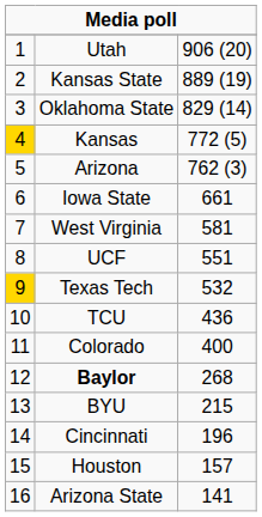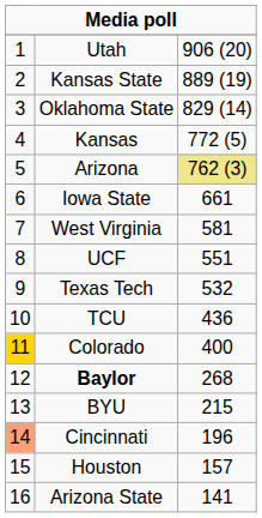 <table class="wikitable">
 <tr align="center">
 <td align="center" Colspan="3"><strong>Media poll</strong></td>
 </tr>
 <tr align="center">
 </tr>
 <tr align="center">
 <td>1</td>
 <td>Utah</td>
 <td>906 (20)</td>
 </tr>
 <tr align="center">
 <td>2</td>
 <td>Kansas State</td>
 <td>889 (19)</td>
 </tr>
 <tr align="center">
 <td>3</td>
 <td>Oklahoma State</td>
 <td>829 (14)</td>
 </tr>
 <tr align="center">
-<td style="background: gold;">4</td>
+<td>4</td>
 <td>Kansas</td>
 <td>772 (5)</td>
 </tr>
 <tr align="center">
 <td>5</td>
 <td>Arizona</td>
-<td>762 (3)</td>
+<td style="background: khaki;">762 (3)</td>
 </tr>
 <tr align="center">
 <td>6</td>
 <td>Iowa State</td>
 <td>661</td>
 </tr>
 <tr align="center">
 <td>7</td>
 <td>West Virginia</td>
 <td>581</td>
 </tr>
 <tr align="center">
 <td>8</td>
 <td>UCF</td>
 <td>551</td>
 </tr>
 <tr align="center">
-<td style="background: gold;">9</td>
+<td>9</td>
 <td>Texas Tech</td>
 <td>532</td>
 </tr>
 <tr align="center">
 <td>10</td>
 <td>TCU</td>
 <td>436</td>
 </tr>
 <tr align="center">
-<td>11</td>
+<td style="background: gold;">11</td>
 <td>Colorado</td>
 <td>400</td>
 </tr>
 <tr align="center">
 <td>12</td>
 <td><strong>Baylor</strong></td>
 <td>268</td>
 </tr>
 <tr align="center">
 <td>13</td>
 <td>BYU</td>
 <td>215</td>
 </tr>
 <tr align="center">
-<td>14</td>
+<td style="background: lightsalmon;">14</td>
 <td>Cincinnati</td>
 <td>196</td>
 </tr>
 <tr align="center">
 <td>15</td>
 <td>Houston</td>
 <td>157</td>
 </tr>
 <tr align="center">
 <td>16</td>
 <td>Arizona State</td>
 <td>141</td>
 </tr>
 </table>
